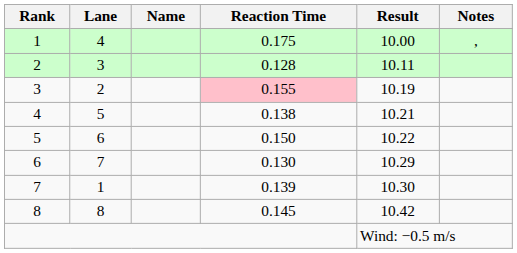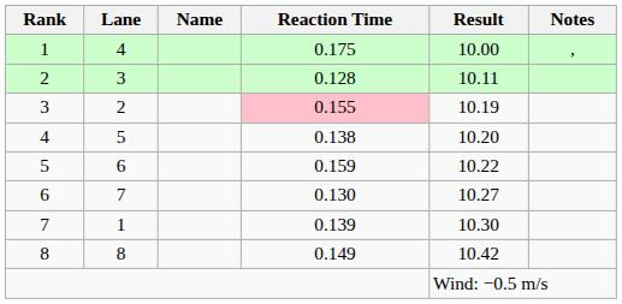 <table class="wikitable" style="text-align:center;width: 60%">
 <tr>
 <th>Rank</th>
 <th>Lane</th>
 <th>Name</th>
 <th>Reaction Time</th>
 <th>Result</th>
 <th>Notes</th>
 </tr>
 <tr bgcolor=ccffcc>
 <td>1</td>
 <td>4</td>
 <td align="left"></td>
 <td>0.175</td>
 <td>10.00</td>
 <td>, </td>
 </tr>
 <tr bgcolor=ccffcc>
 <td>2</td>
 <td>3</td>
 <td align="left"></td>
 <td>0.128</td>
 <td>10.11</td>
 <td></td>
 </tr>
 <tr>
 <td>3</td>
 <td>2</td>
 <td align="left"></td>
 <td style="background: pink;">0.155</td>
 <td>10.19</td>
 <td></td>
 </tr>
 <tr>
 <td>4</td>
 <td>5</td>
 <td align="left"></td>
 <td>0.138</td>
-<td>10.21</td>
+<td>10.20</td>
 <td></td>
 </tr>
 <tr>
 <td>5</td>
 <td>6</td>
 <td align="left"></td>
-<td>0.150</td>
+<td>0.159</td>
 <td>10.22</td>
 <td></td>
 </tr>
 <tr>
 <td>6</td>
 <td>7</td>
 <td align="left"></td>
 <td>0.130</td>
-<td>10.29</td>
+<td>10.27</td>
 <td></td>
 </tr>
 <tr>
 <td>7</td>
 <td>1</td>
 <td align="left"></td>
 <td>0.139</td>
 <td>10.30</td>
 <td></td>
 </tr>
 <tr>
 <td>8</td>
 <td>8</td>
 <td align="left"></td>
-<td>0.145</td>
+<td>0.149</td>
 <td>10.42</td>
 <td></td>
 </tr>
 <tr class="sortbottom">
 <td colspan=4></td>
 <td colspan="2" style="text-align:left;">Wind: −0.5 m/s</td>
 </tr>
 </table>
